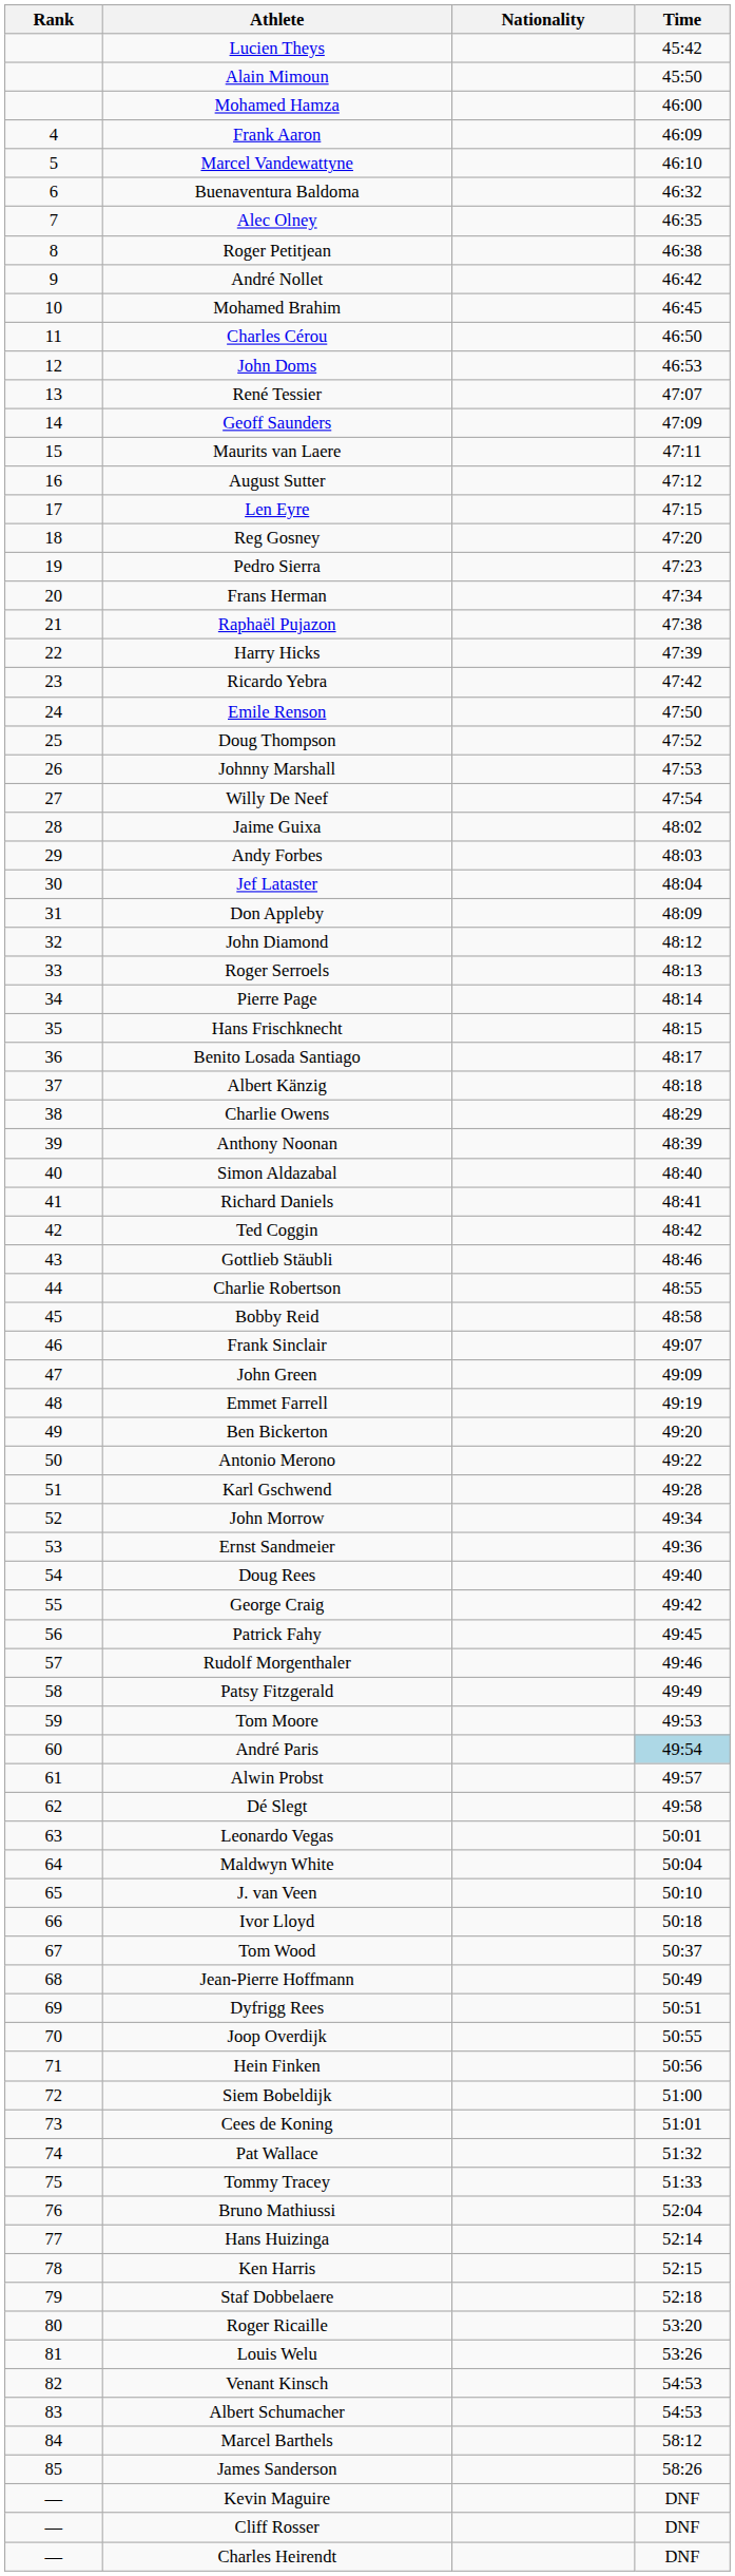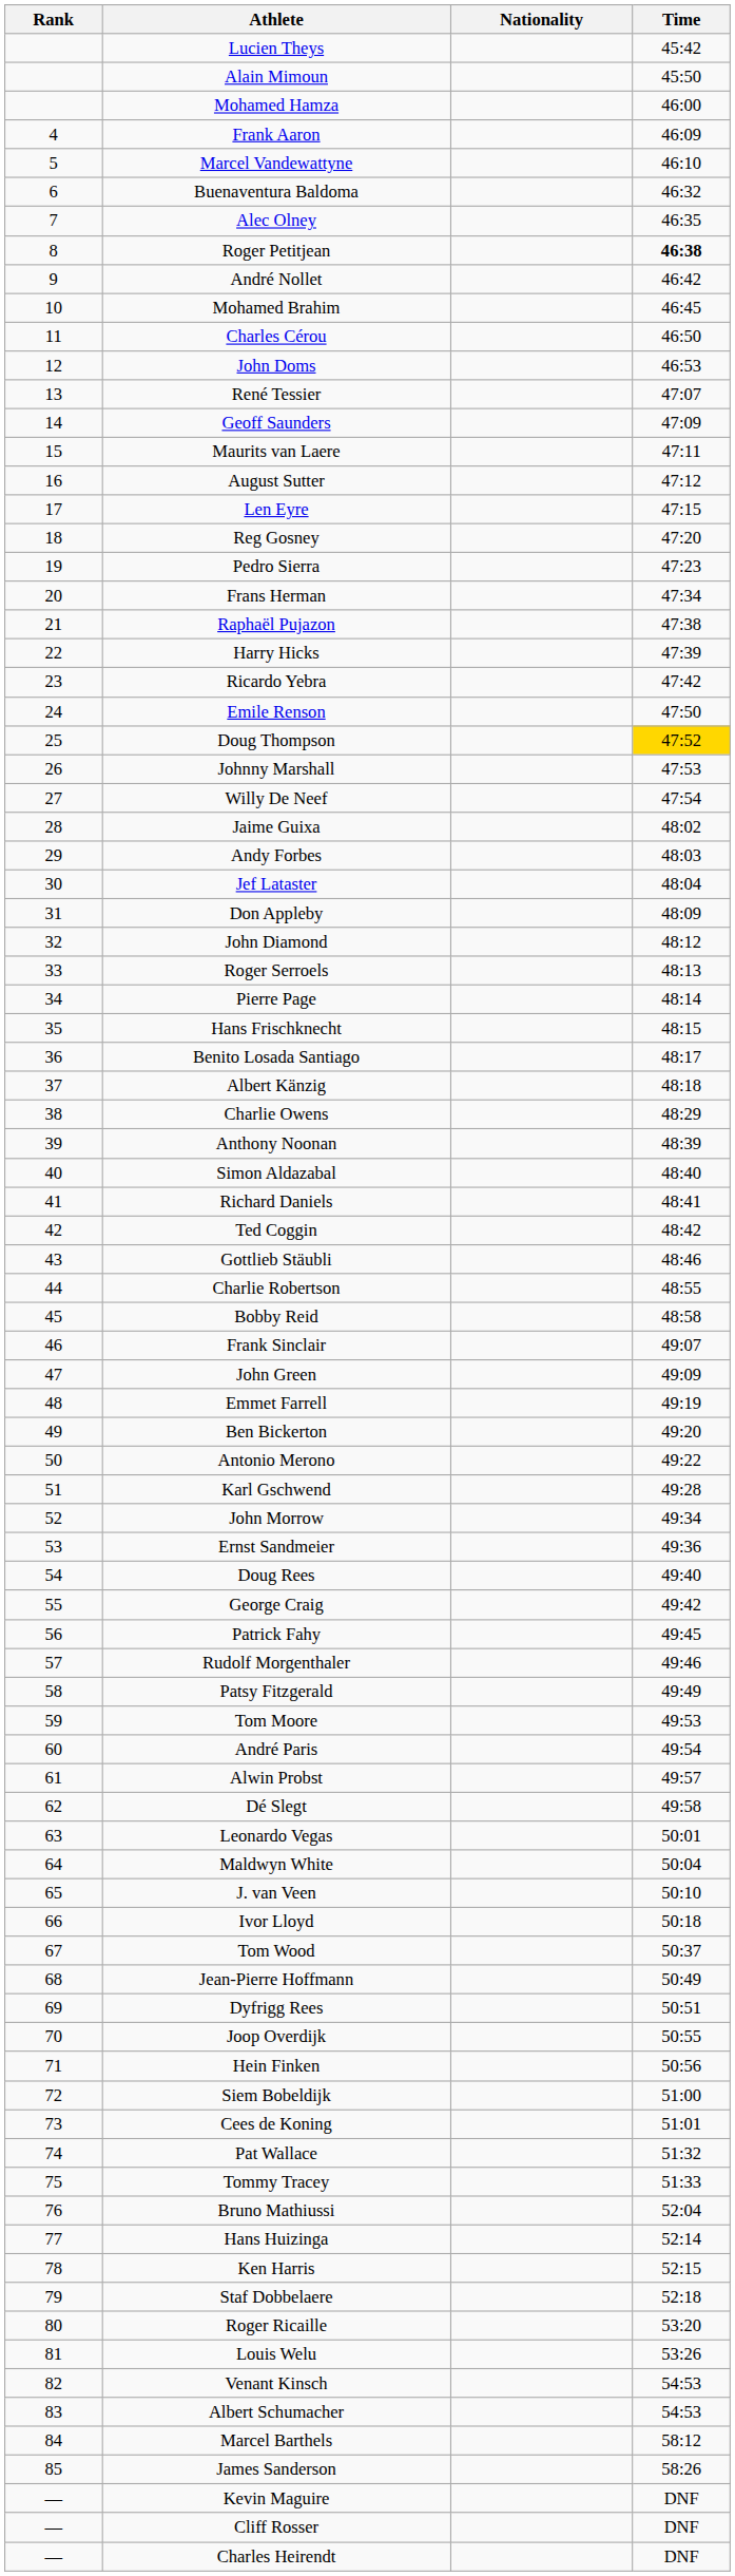 <table class="wikitable sortable" style=" text-align:center; font-size:95%;" width="50%">
 <tr>
 <th>Rank</th>
 <th>Athlete</th>
 <th>Nationality</th>
 <th>Time</th>
 </tr>
 <tr>
 <td align=center></td>
 <td><a href='#'>Lucien Theys</a></td>
 <td></td>
 <td>45:42</td>
 </tr>
 <tr>
 <td align=center></td>
 <td><a href='#'>Alain Mimoun</a></td>
 <td></td>
 <td>45:50</td>
 </tr>
 <tr>
 <td align=center></td>
 <td><a href='#'>Mohamed Hamza</a></td>
 <td></td>
 <td>46:00</td>
 </tr>
 <tr>
 <td align=center>4</td>
 <td><a href='#'>Frank Aaron</a></td>
 <td></td>
 <td>46:09</td>
 </tr>
 <tr>
 <td align=center>5</td>
 <td><a href='#'>Marcel Vandewattyne</a></td>
 <td></td>
 <td>46:10</td>
 </tr>
 <tr>
 <td align=center>6</td>
 <td>Buenaventura Baldoma</td>
 <td></td>
 <td>46:32</td>
 </tr>
 <tr>
 <td align=center>7</td>
 <td><a href='#'>Alec Olney</a></td>
 <td></td>
 <td>46:35</td>
 </tr>
 <tr>
 <td align=center>8</td>
 <td>Roger Petitjean</td>
 <td></td>
-<td>46:38</td>
+<td><strong>46:38</strong></td>
 </tr>
 <tr>
 <td align=center>9</td>
 <td>André Nollet</td>
 <td></td>
 <td>46:42</td>
 </tr>
 <tr>
 <td align=center>10</td>
 <td>Mohamed Brahim</td>
 <td></td>
 <td>46:45</td>
 </tr>
 <tr>
 <td align=center>11</td>
 <td><a href='#'>Charles Cérou</a></td>
 <td></td>
 <td>46:50</td>
 </tr>
 <tr>
 <td align=center>12</td>
 <td><a href='#'>John Doms</a></td>
 <td></td>
 <td>46:53</td>
 </tr>
 <tr>
 <td align=center>13</td>
 <td>René Tessier</td>
 <td></td>
 <td>47:07</td>
 </tr>
 <tr>
 <td align=center>14</td>
 <td><a href='#'>Geoff Saunders</a></td>
 <td></td>
 <td>47:09</td>
 </tr>
 <tr>
 <td align=center>15</td>
 <td>Maurits van Laere</td>
 <td></td>
 <td>47:11</td>
 </tr>
 <tr>
 <td align=center>16</td>
 <td>August Sutter</td>
 <td></td>
 <td>47:12</td>
 </tr>
 <tr>
 <td align=center>17</td>
 <td><a href='#'>Len Eyre</a></td>
 <td></td>
 <td>47:15</td>
 </tr>
 <tr>
 <td align=center>18</td>
 <td>Reg Gosney</td>
 <td></td>
 <td>47:20</td>
 </tr>
 <tr>
 <td align=center>19</td>
 <td>Pedro Sierra</td>
 <td></td>
 <td>47:23</td>
 </tr>
 <tr>
 <td align=center>20</td>
 <td>Frans Herman</td>
 <td></td>
 <td>47:34</td>
 </tr>
 <tr>
 <td align=center>21</td>
 <td><a href='#'>Raphaël Pujazon</a></td>
 <td></td>
 <td>47:38</td>
 </tr>
 <tr>
 <td align=center>22</td>
 <td>Harry Hicks</td>
 <td></td>
 <td>47:39</td>
 </tr>
 <tr>
 <td align=center>23</td>
 <td>Ricardo Yebra</td>
 <td></td>
 <td>47:42</td>
 </tr>
 <tr>
 <td align=center>24</td>
 <td><a href='#'>Emile Renson</a></td>
 <td></td>
 <td>47:50</td>
 </tr>
 <tr>
 <td align=center>25</td>
 <td>Doug Thompson</td>
 <td></td>
-<td>47:52</td>
+<td style="background: gold;">47:52</td>
 </tr>
 <tr>
 <td align=center>26</td>
 <td>Johnny Marshall</td>
 <td></td>
 <td>47:53</td>
 </tr>
 <tr>
 <td align=center>27</td>
 <td>Willy De Neef</td>
 <td></td>
 <td>47:54</td>
 </tr>
 <tr>
 <td align=center>28</td>
 <td>Jaime Guixa</td>
 <td></td>
 <td>48:02</td>
 </tr>
 <tr>
 <td align=center>29</td>
 <td>Andy Forbes</td>
 <td></td>
 <td>48:03</td>
 </tr>
 <tr>
 <td align=center>30</td>
 <td><a href='#'>Jef Lataster</a></td>
 <td></td>
 <td>48:04</td>
 </tr>
 <tr>
 <td align=center>31</td>
 <td>Don Appleby</td>
 <td></td>
 <td>48:09</td>
 </tr>
 <tr>
 <td align=center>32</td>
 <td>John Diamond</td>
 <td></td>
 <td>48:12</td>
 </tr>
 <tr>
 <td align=center>33</td>
 <td>Roger Serroels</td>
 <td></td>
 <td>48:13</td>
 </tr>
 <tr>
 <td align=center>34</td>
 <td>Pierre Page</td>
 <td></td>
 <td>48:14</td>
 </tr>
 <tr>
 <td align=center>35</td>
 <td>Hans Frischknecht</td>
 <td></td>
 <td>48:15</td>
 </tr>
 <tr>
 <td align=center>36</td>
 <td>Benito Losada Santiago</td>
 <td></td>
 <td>48:17</td>
 </tr>
 <tr>
 <td align=center>37</td>
 <td>Albert Känzig</td>
 <td></td>
 <td>48:18</td>
 </tr>
 <tr>
 <td align=center>38</td>
 <td>Charlie Owens</td>
 <td></td>
 <td>48:29</td>
 </tr>
 <tr>
 <td align=center>39</td>
 <td>Anthony Noonan</td>
 <td></td>
 <td>48:39</td>
 </tr>
 <tr>
 <td align=center>40</td>
 <td>Simon Aldazabal</td>
 <td></td>
 <td>48:40</td>
 </tr>
 <tr>
 <td align=center>41</td>
 <td>Richard Daniels</td>
 <td></td>
 <td>48:41</td>
 </tr>
 <tr>
 <td align=center>42</td>
 <td>Ted Coggin</td>
 <td></td>
 <td>48:42</td>
 </tr>
 <tr>
 <td align=center>43</td>
 <td>Gottlieb Stäubli</td>
 <td></td>
 <td>48:46</td>
 </tr>
 <tr>
 <td align=center>44</td>
 <td>Charlie Robertson</td>
 <td></td>
 <td>48:55</td>
 </tr>
 <tr>
 <td align=center>45</td>
 <td>Bobby Reid</td>
 <td></td>
 <td>48:58</td>
 </tr>
 <tr>
 <td align=center>46</td>
 <td>Frank Sinclair</td>
 <td></td>
 <td>49:07</td>
 </tr>
 <tr>
 <td align=center>47</td>
 <td>John Green</td>
 <td></td>
 <td>49:09</td>
 </tr>
 <tr>
 <td align=center>48</td>
 <td>Emmet Farrell</td>
 <td></td>
 <td>49:19</td>
 </tr>
 <tr>
 <td align=center>49</td>
 <td>Ben Bickerton</td>
 <td></td>
 <td>49:20</td>
 </tr>
 <tr>
 <td align=center>50</td>
 <td>Antonio Merono</td>
 <td></td>
 <td>49:22</td>
 </tr>
 <tr>
 <td align=center>51</td>
 <td>Karl Gschwend</td>
 <td></td>
 <td>49:28</td>
 </tr>
 <tr>
 <td align=center>52</td>
 <td>John Morrow</td>
 <td></td>
 <td>49:34</td>
 </tr>
 <tr>
 <td align=center>53</td>
 <td>Ernst Sandmeier</td>
 <td></td>
 <td>49:36</td>
 </tr>
 <tr>
 <td align=center>54</td>
 <td>Doug Rees</td>
 <td></td>
 <td>49:40</td>
 </tr>
 <tr>
 <td align=center>55</td>
 <td>George Craig</td>
 <td></td>
 <td>49:42</td>
 </tr>
 <tr>
 <td align=center>56</td>
 <td>Patrick Fahy</td>
 <td></td>
 <td>49:45</td>
 </tr>
 <tr>
 <td align=center>57</td>
 <td>Rudolf Morgenthaler</td>
 <td></td>
 <td>49:46</td>
 </tr>
 <tr>
 <td align=center>58</td>
 <td>Patsy Fitzgerald</td>
 <td></td>
 <td>49:49</td>
 </tr>
 <tr>
 <td align=center>59</td>
 <td>Tom Moore</td>
 <td></td>
 <td>49:53</td>
 </tr>
 <tr>
 <td align=center>60</td>
 <td>André Paris</td>
 <td></td>
-<td style="background: lightblue;">49:54</td>
+<td>49:54</td>
 </tr>
 <tr>
 <td align=center>61</td>
 <td>Alwin Probst</td>
 <td></td>
 <td>49:57</td>
 </tr>
 <tr>
 <td align=center>62</td>
 <td>Dé Slegt</td>
 <td></td>
 <td>49:58</td>
 </tr>
 <tr>
 <td align=center>63</td>
 <td>Leonardo Vegas</td>
 <td></td>
 <td>50:01</td>
 </tr>
 <tr>
 <td align=center>64</td>
 <td>Maldwyn White</td>
 <td></td>
 <td>50:04</td>
 </tr>
 <tr>
 <td align=center>65</td>
 <td>J. van Veen</td>
 <td></td>
 <td>50:10</td>
 </tr>
 <tr>
 <td align=center>66</td>
 <td>Ivor Lloyd</td>
 <td></td>
 <td>50:18</td>
 </tr>
 <tr>
 <td align=center>67</td>
 <td>Tom Wood</td>
 <td></td>
 <td>50:37</td>
 </tr>
 <tr>
 <td align=center>68</td>
 <td>Jean-Pierre Hoffmann</td>
 <td></td>
 <td>50:49</td>
 </tr>
 <tr>
 <td align=center>69</td>
 <td>Dyfrigg Rees</td>
 <td></td>
 <td>50:51</td>
 </tr>
 <tr>
 <td align=center>70</td>
 <td>Joop Overdijk</td>
 <td></td>
 <td>50:55</td>
 </tr>
 <tr>
 <td align=center>71</td>
 <td>Hein Finken</td>
 <td></td>
 <td>50:56</td>
 </tr>
 <tr>
 <td align=center>72</td>
 <td>Siem Bobeldijk</td>
 <td></td>
 <td>51:00</td>
 </tr>
 <tr>
 <td align=center>73</td>
 <td>Cees de Koning</td>
 <td></td>
 <td>51:01</td>
 </tr>
 <tr>
 <td align=center>74</td>
 <td>Pat Wallace</td>
 <td></td>
 <td>51:32</td>
 </tr>
 <tr>
 <td align=center>75</td>
 <td>Tommy Tracey</td>
 <td></td>
 <td>51:33</td>
 </tr>
 <tr>
 <td align=center>76</td>
 <td>Bruno Mathiussi</td>
 <td></td>
 <td>52:04</td>
 </tr>
 <tr>
 <td align=center>77</td>
 <td>Hans Huizinga</td>
 <td></td>
 <td>52:14</td>
 </tr>
 <tr>
 <td align=center>78</td>
 <td>Ken Harris</td>
 <td></td>
 <td>52:15</td>
 </tr>
 <tr>
 <td align=center>79</td>
 <td>Staf Dobbelaere</td>
 <td></td>
 <td>52:18</td>
 </tr>
 <tr>
 <td align=center>80</td>
 <td>Roger Ricaille</td>
 <td></td>
 <td>53:20</td>
 </tr>
 <tr>
 <td align=center>81</td>
 <td>Louis Welu</td>
 <td></td>
 <td>53:26</td>
 </tr>
 <tr>
 <td align=center>82</td>
 <td>Venant Kinsch</td>
 <td></td>
 <td>54:53</td>
 </tr>
 <tr>
 <td align=center>83</td>
 <td>Albert Schumacher</td>
 <td></td>
 <td>54:53</td>
 </tr>
 <tr>
 <td align=center>84</td>
 <td>Marcel Barthels</td>
 <td></td>
 <td>58:12</td>
 </tr>
 <tr>
 <td align=center>85</td>
 <td>James Sanderson</td>
 <td></td>
 <td>58:26</td>
 </tr>
 <tr>
 <td align=center>—</td>
 <td>Kevin Maguire</td>
 <td></td>
 <td>DNF</td>
 </tr>
 <tr>
 <td align=center>—</td>
 <td>Cliff Rosser</td>
 <td></td>
 <td>DNF</td>
 </tr>
 <tr>
 <td align=center>—</td>
 <td>Charles Heirendt</td>
 <td></td>
 <td>DNF</td>
 </tr>
 </table>
